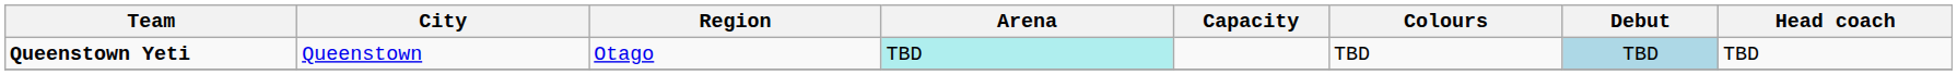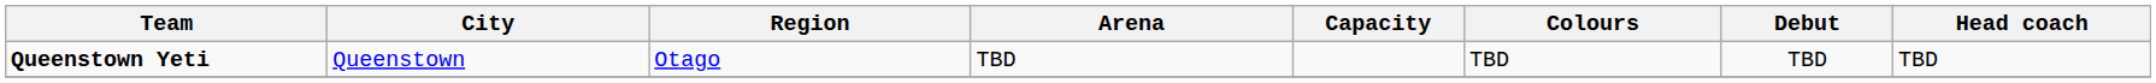 <table class="wikitable" style="width:100%; text-align:left">
 <tr>
 <th style="width:15%">Team</th>
 <th style="width:15%">City</th>
 <th style="width:15%">Region</th>
 <th style="width:15%">Arena</th>
 <th style="width:8%">Capacity</th>
 <th style="width:12%">Colours</th>
 <th style="width:8%">Debut</th>
 <th style="width:12%">Head coach</th>
 </tr>
 <tr>
 <td><strong>Queenstown Yeti</strong></td>
 <td><a href='#'>Queenstown</a></td>
 <td><a href='#'>Otago</a></td>
-<td style="background: paleturquoise;">TBD</td>
+<td>TBD</td>
 <td align=center></td>
 <td>TBD</td>
-<td align=center style="background: lightblue;">TBD</td>
+<td align=center>TBD</td>
 <td>TBD</td>
 </tr>
 <tr>
 </tr>
 </table>
